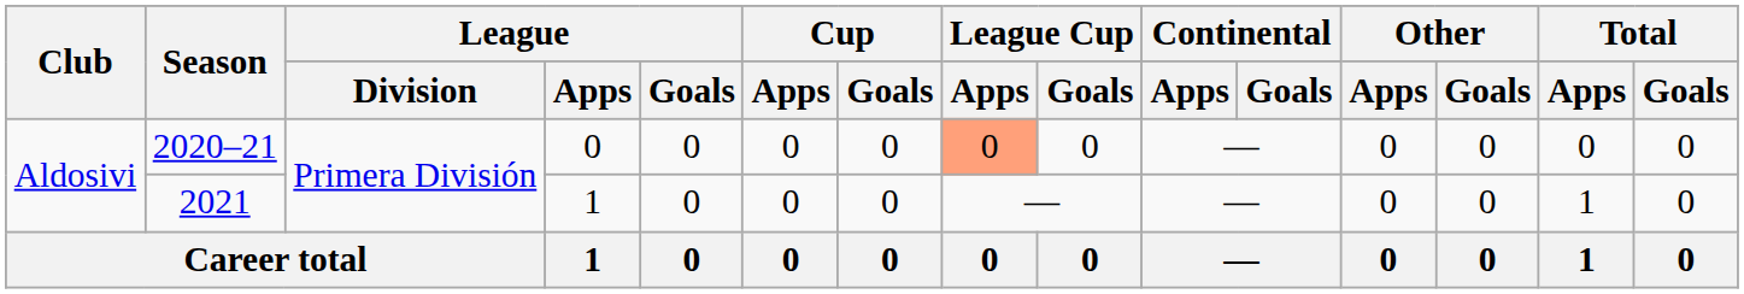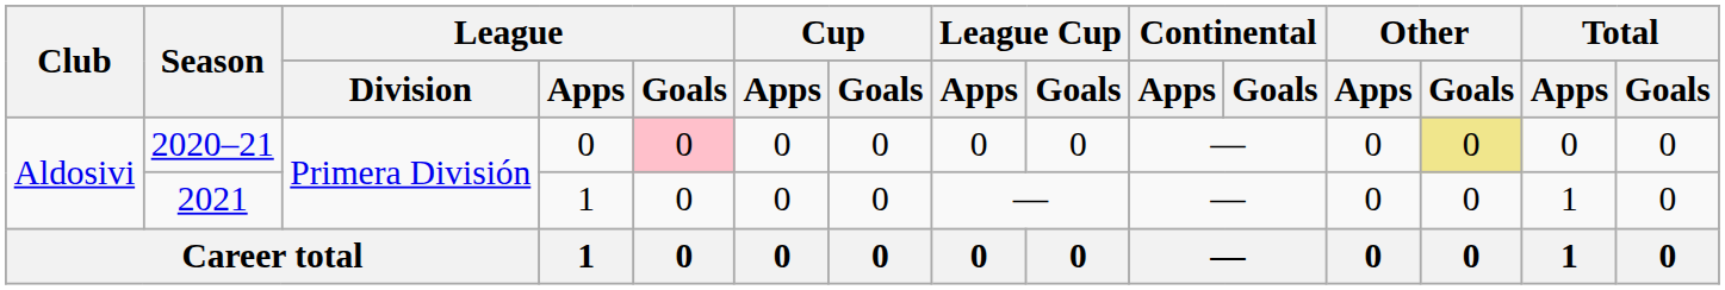 <table class="wikitable" style="text-align:center">
 <tr>
 <th rowspan="2">Club</th>
 <th rowspan="2">Season</th>
 <th colspan="3">League</th>
 <th colspan="2">Cup</th>
 <th colspan="2">League Cup</th>
 <th colspan="2">Continental</th>
 <th colspan="2">Other</th>
 <th colspan="2">Total</th>
 </tr>
 <tr>
 <th>Division</th>
 <th>Apps</th>
 <th>Goals</th>
 <th>Apps</th>
 <th>Goals</th>
 <th>Apps</th>
 <th>Goals</th>
 <th>Apps</th>
 <th>Goals</th>
 <th>Apps</th>
 <th>Goals</th>
 <th>Apps</th>
 <th>Goals</th>
 </tr>
 <tr>
 <td rowspan="2"><a href='#'>Aldosivi</a></td>
 <td><a href='#'>2020–21</a></td>
 <td rowspan="2"><a href='#'>Primera División</a></td>
 <td>0</td>
+<td style="background: pink;">0</td>
 <td>0</td>
 <td>0</td>
 <td>0</td>
-<td style="background: lightsalmon;">0</td>
 <td>0</td>
 <td colspan="2">—</td>
 <td>0</td>
-<td>0</td>
+<td style="background: khaki;">0</td>
 <td>0</td>
 <td>0</td>
 </tr>
 <tr>
 <td><a href='#'>2021</a></td>
 <td>1</td>
 <td>0</td>
 <td>0</td>
 <td>0</td>
 <td colspan="2">—</td>
 <td colspan="2">—</td>
 <td>0</td>
 <td>0</td>
 <td>1</td>
 <td>0</td>
 </tr>
 <tr>
 <th colspan="3">Career total</th>
 <th>1</th>
 <th>0</th>
 <th>0</th>
 <th>0</th>
 <th>0</th>
 <th>0</th>
 <th colspan="2">—</th>
 <th>0</th>
 <th>0</th>
 <th>1</th>
 <th>0</th>
 </tr>
 </table>
